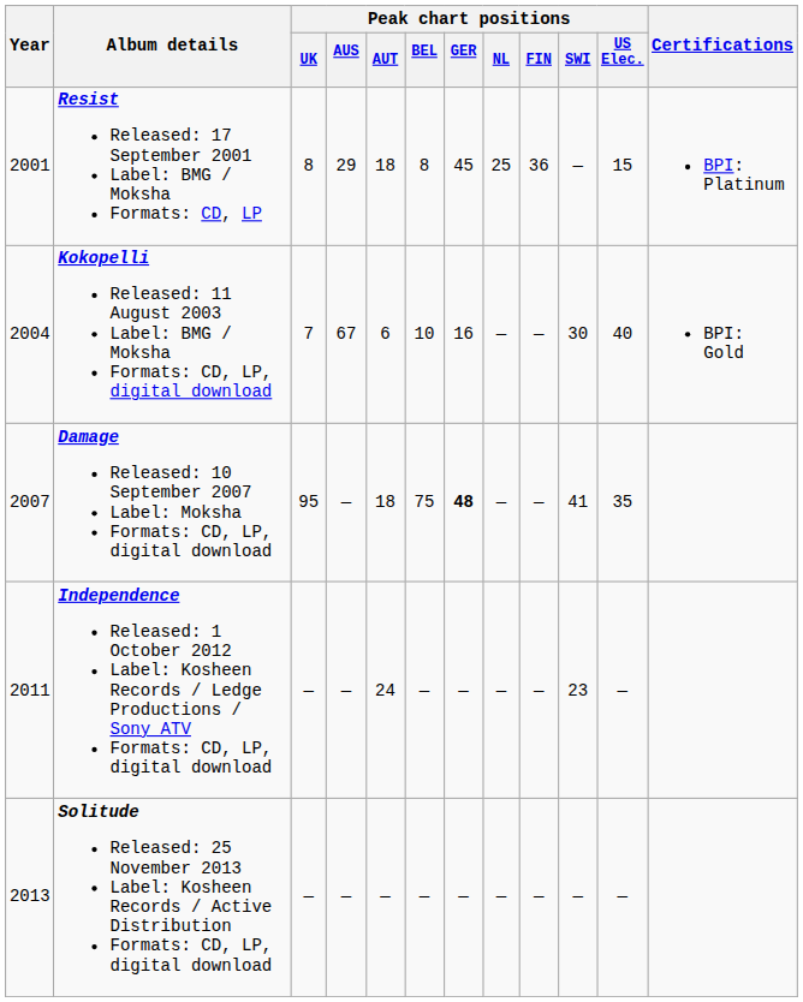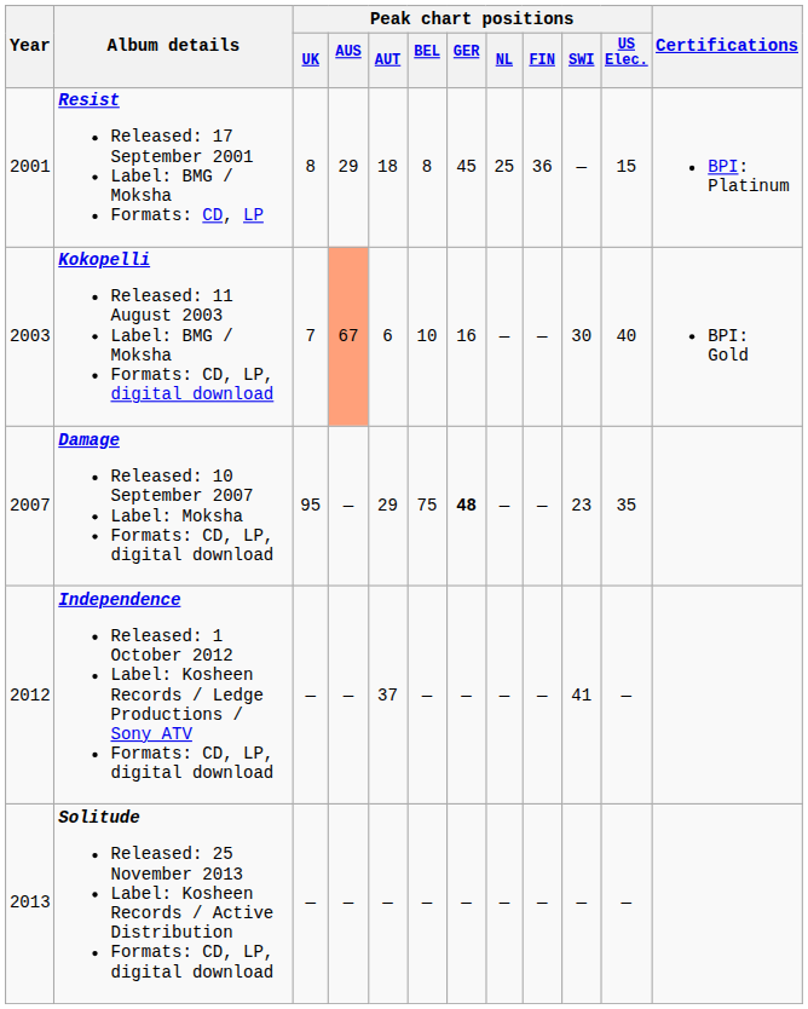 <table class="wikitable" style="text-align:center;">
 <tr>
 <th rowspan="2">Year</th>
 <th rowspan="2" style="width:250px;">Album details</th>
 <th colspan="9">Peak chart positions</th>
 <th rowspan="2"><a href='#'>Certifications</a></th>
 </tr>
 <tr>
 <th style="width:3em;font-size:85%;"><a href='#'>UK</a><br></th>
 <th style="width:3em;font-size:85%;"><a href='#'>AUS</a><br><br></th>
 <th style="width:3em;font-size:85%"><a href='#'>AUT</a><br></th>
 <th style="width:3em;font-size:85%;"><a href='#'>BEL</a><br><br></th>
 <th style="width:3em;font-size:85%;"><a href='#'>GER</a><br><br></th>
 <th style="width:3em;font-size:85%"><a href='#'>NL</a><br></th>
 <th style="width:3em;font-size:85%"><a href='#'>FIN</a><br></th>
 <th style="width:3em;font-size:85%"><a href='#'>SWI</a><br></th>
 <th style="width:3em;font-size:85%;"><a href='#'>US Elec.</a><br><br></th>
 </tr>
 <tr>
 <td style="text-align:center;">2001</td>
 <td align="left"><strong><em><a href='#'>Resist</a></em></strong><br><ul><li>Released: 17 September 2001</li><li>Label: BMG / Moksha</li><li>Formats: <a href='#'>CD</a>, <a href='#'>LP</a></li></ul></td>
 <td style="text-align:center;">8</td>
 <td style="text-align:center;">29</td>
 <td style="text-align:center;">18</td>
 <td style="text-align:center;">8</td>
 <td style="text-align:center;">45</td>
 <td style="text-align:center;">25</td>
 <td style="text-align:center;">36</td>
 <td style="text-align:center;">—</td>
 <td style="text-align:center;">15</td>
 <td align="left"><br><ul><li><a href='#'>BPI</a>: Platinum</li></ul></td>
 </tr>
 <tr>
-<td style="text-align:center;">2004</td>
+<td style="text-align:center;">2003</td>
 <td align="left"><strong><em><a href='#'>Kokopelli</a></em></strong><br><ul><li>Released: 11 August 2003</li><li>Label: BMG / Moksha</li><li>Formats: CD, LP, <a href='#'>digital download</a></li></ul></td>
 <td style="text-align:center;">7</td>
-<td style="text-align:center;">67</td>
+<td style="background: lightsalmon; text-align:center;">67</td>
 <td style="text-align:center;">6</td>
 <td style="text-align:center;">10</td>
 <td style="text-align:center;">16</td>
 <td style="text-align:center;">—</td>
 <td style="text-align:center;">—</td>
 <td style="text-align:center;">30</td>
 <td style="text-align:center;">40</td>
 <td align="left"><br><ul><li>BPI: Gold</li></ul></td>
 </tr>
 <tr>
 <td style="text-align:center;">2007</td>
 <td align="left"><strong><em><a href='#'>Damage</a></em></strong><br><ul><li>Released: 10 September 2007</li><li>Label: Moksha</li><li>Formats: CD, LP, digital download</li></ul></td>
 <td style="text-align:center;">95</td>
 <td style="text-align:center;">—</td>
-<td style="text-align:center;">18</td>
+<td style="text-align:center;">29</td>
 <td style="text-align:center;">75</td>
 <td style="text-align:center;"><strong>48</strong></td>
 <td style="text-align:center;">—</td>
 <td style="text-align:center;">—</td>
-<td style="text-align:center;">41</td>
+<td style="text-align:center;">23</td>
 <td style="text-align:center;">35</td>
 <td></td>
 </tr>
 <tr>
-<td style="text-align:center;">2011</td>
+<td style="text-align:center;">2012</td>
 <td align="left"><strong><em><a href='#'>Independence</a></em></strong><br><ul><li>Released: 1 October 2012</li><li>Label: Kosheen Records / Ledge Productions / <a href='#'>Sony ATV</a></li><li>Formats: CD, LP, digital download</li></ul></td>
 <td style="text-align:center;">—</td>
 <td style="text-align:center;">—</td>
-<td style="text-align:center;">24</td>
+<td style="text-align:center;">37</td>
 <td style="text-align:center;">—</td>
 <td style="text-align:center;">—</td>
 <td style="text-align:center;">—</td>
 <td style="text-align:center;">—</td>
-<td style="text-align:center;">23</td>
+<td style="text-align:center;">41</td>
 <td style="text-align:center;">—</td>
 <td></td>
 </tr>
 <tr>
 <td style="text-align:center;">2013</td>
 <td align="left"><strong><em>Solitude</em></strong><br><ul><li>Released: 25 November 2013</li><li>Label: Kosheen Records / Active Distribution</li><li>Formats: CD, LP, digital download</li></ul></td>
 <td style="text-align:center;">—</td>
 <td style="text-align:center;">—</td>
 <td style="text-align:center;">—</td>
 <td style="text-align:center;">—</td>
 <td style="text-align:center;">—</td>
 <td style="text-align:center;">—</td>
 <td style="text-align:center;">—</td>
 <td style="text-align:center;">—</td>
 <td style="text-align:center;">—</td>
 <td></td>
 </tr>
 </table>
